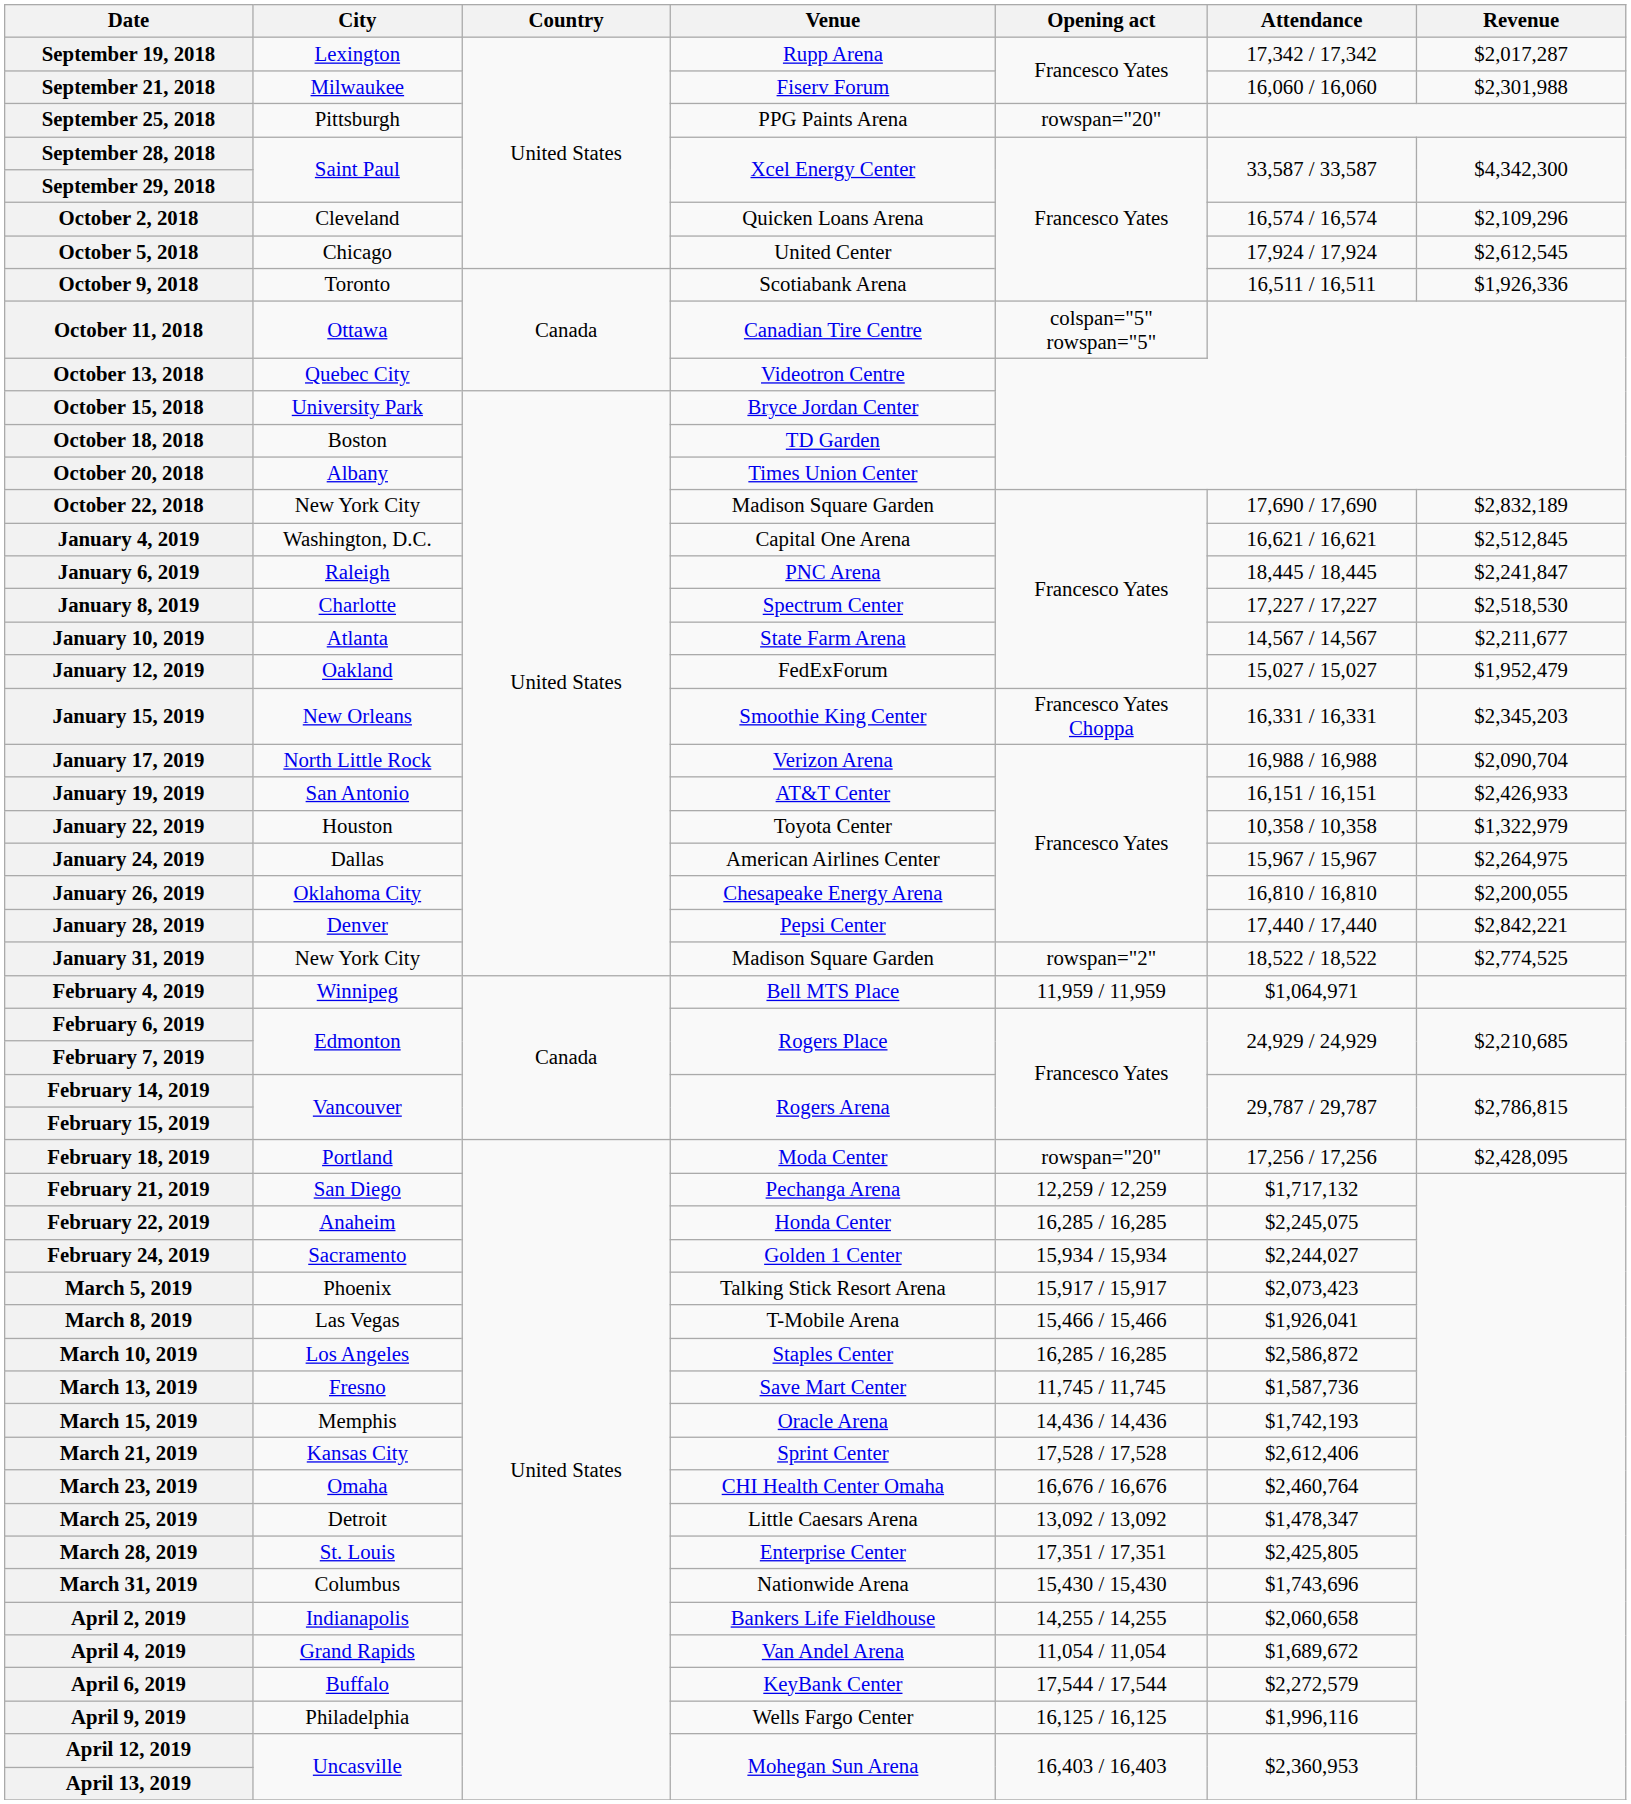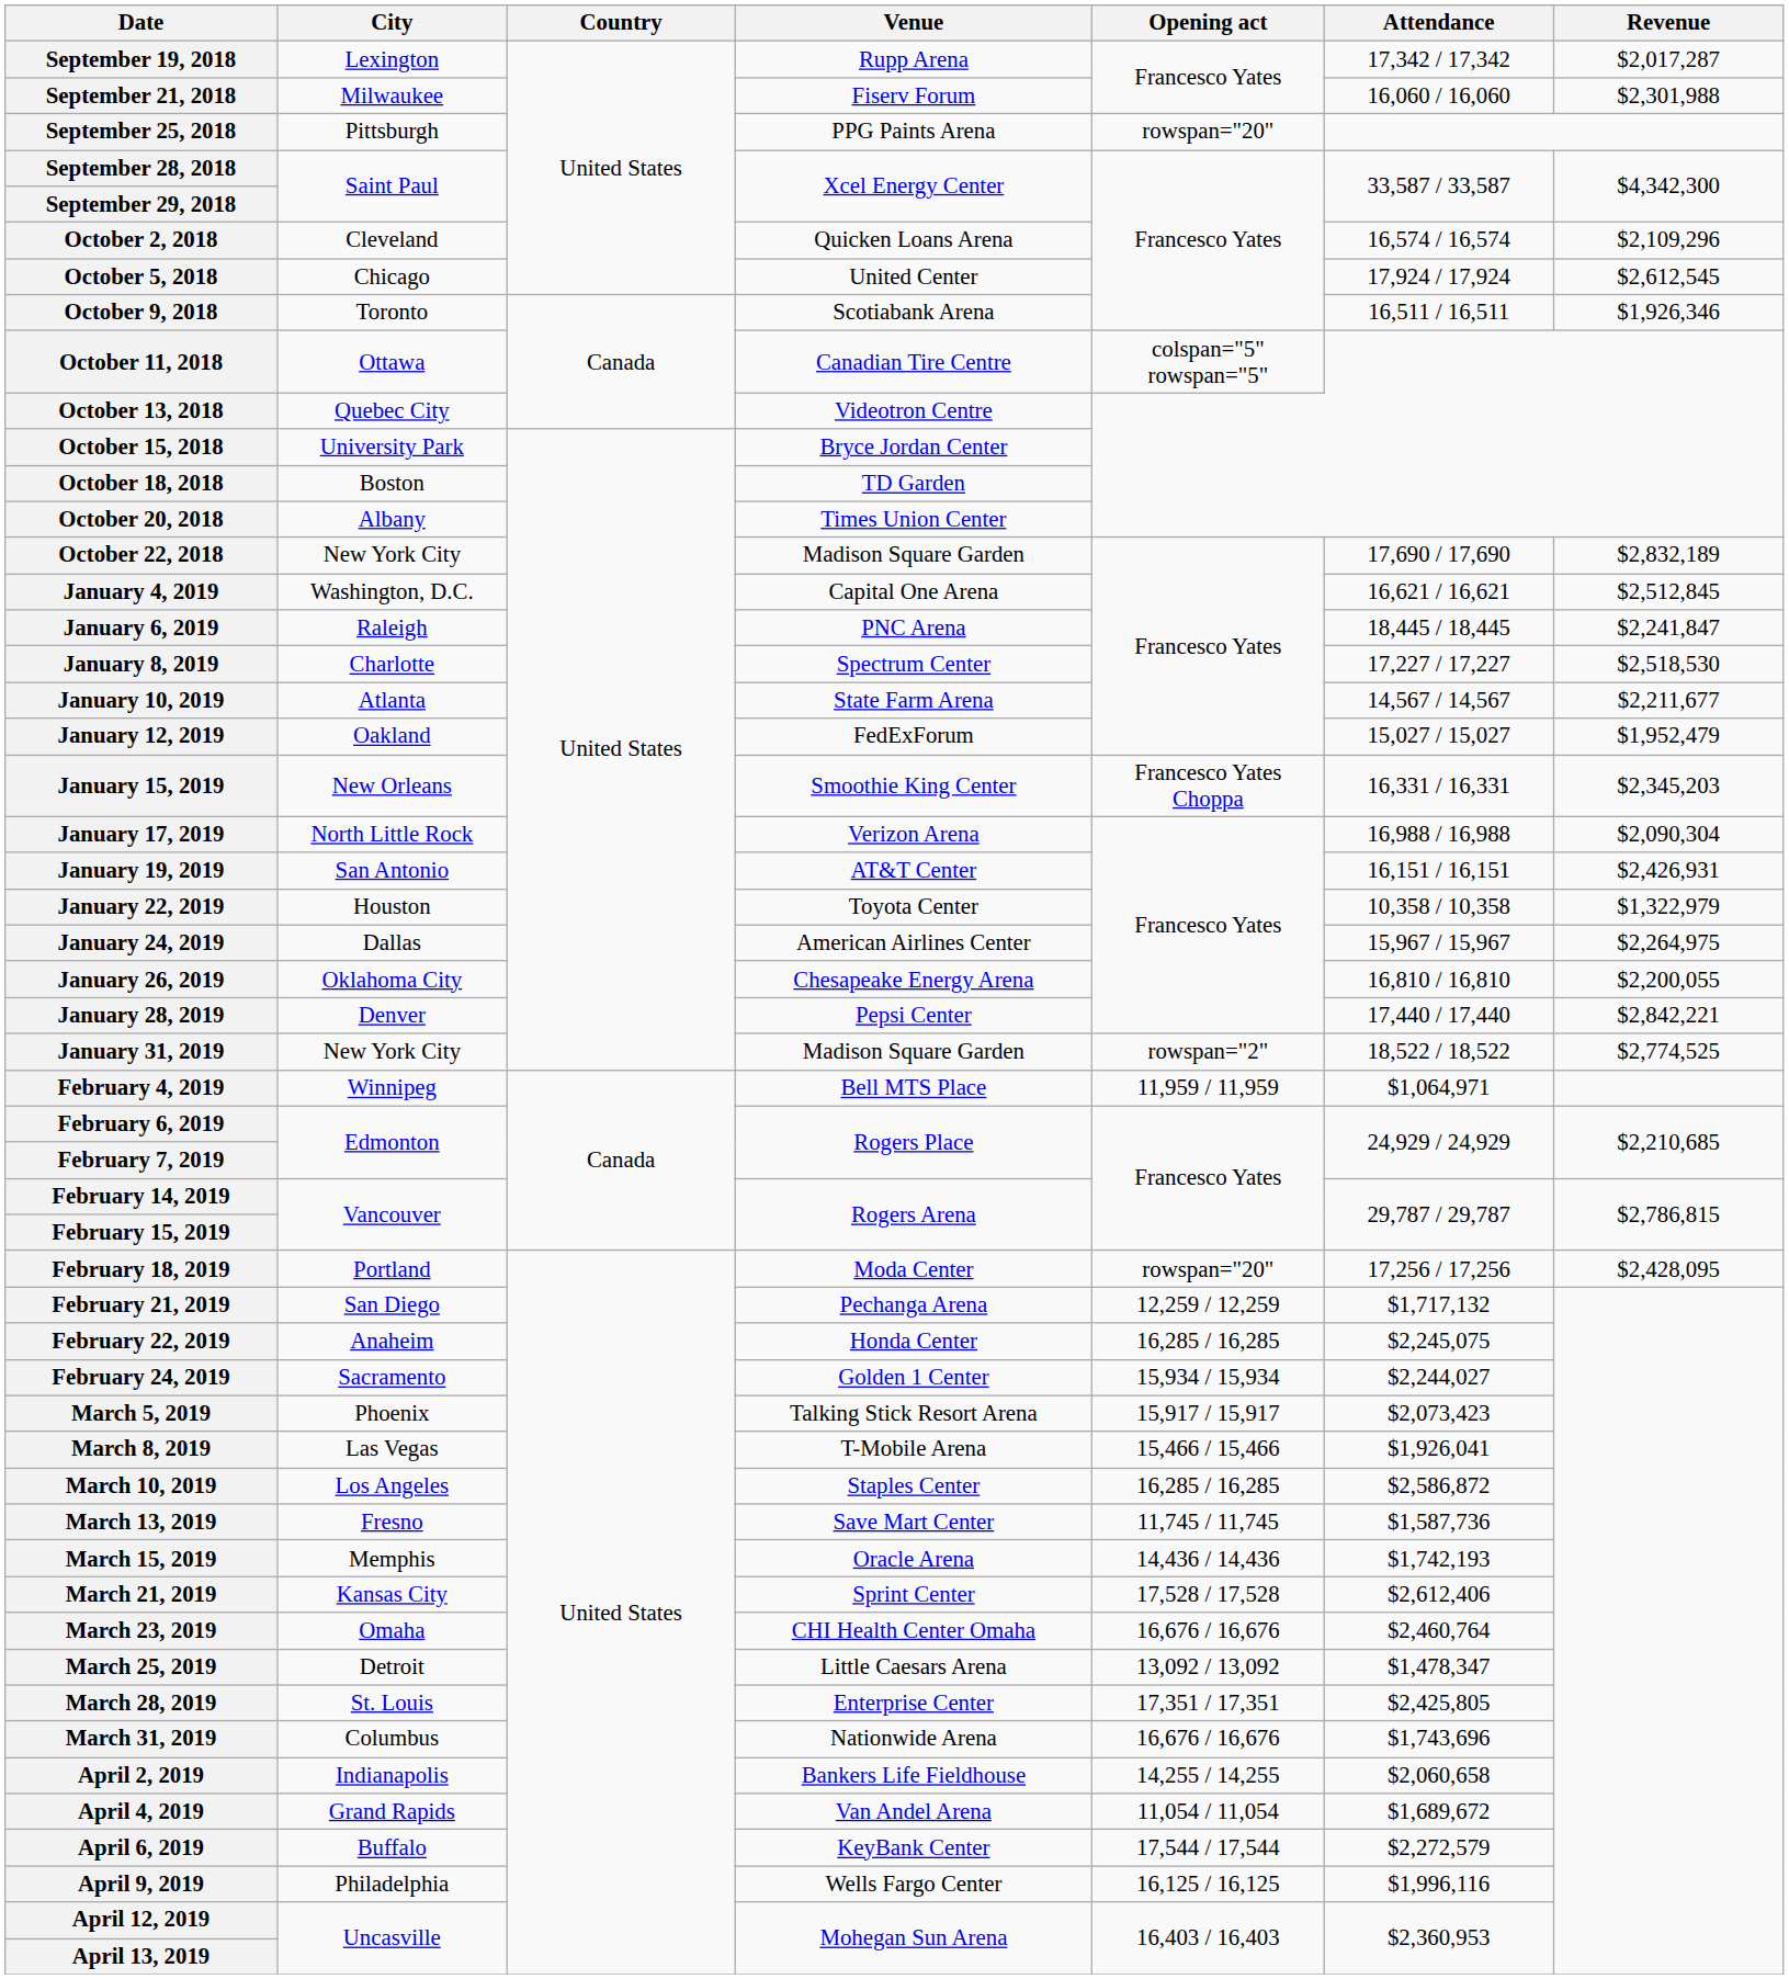 <table class="wikitable plainrowheaders" style="text-align:center;">
 <tr>
 <th scope="col" style="width:12em;">Date</th>
 <th scope="col" style="width:10em;">City</th>
 <th scope="col" style="width:10em;">Country</th>
 <th scope="col" style="width:16em;">Venue</th>
 <th scope="col" style="width:10em;">Opening act</th>
 <th scope="col" style="width:10em;">Attendance</th>
 <th scope="col" style="width:10em;">Revenue</th>
 </tr>
 <tr>
 <th scope="row">September 19, 2018</th>
 <td><a href='#'>Lexington</a></td>
 <td rowspan="7">United States</td>
 <td><a href='#'>Rupp Arena</a></td>
 <td rowspan="2">Francesco Yates</td>
 <td>17,342 / 17,342</td>
 <td>$2,017,287</td>
 </tr>
 <tr>
 <th scope="row">September 21, 2018</th>
 <td><a href='#'>Milwaukee</a></td>
 <td><a href='#'>Fiserv Forum</a></td>
 <td>16,060 / 16,060</td>
 <td>$2,301,988</td>
 </tr>
 <tr>
 <th scope="row">September 25, 2018</th>
 <td>Pittsburgh</td>
 <td>PPG Paints Arena</td>
 <td>rowspan="20" </td>
 </tr>
 <tr>
 <th scope="row">September 28, 2018</th>
 <td rowspan="2"><a href='#'>Saint Paul</a></td>
 <td rowspan="2"><a href='#'>Xcel Energy Center</a></td>
 <td rowspan="5">Francesco Yates</td>
 <td rowspan="2">33,587 / 33,587</td>
 <td rowspan="2">$4,342,300</td>
 </tr>
 <tr>
 <th scope="row">September 29, 2018</th>
 </tr>
 <tr>
 <th scope="row">October 2, 2018</th>
 <td>Cleveland</td>
 <td>Quicken Loans Arena</td>
 <td>16,574 / 16,574</td>
 <td>$2,109,296</td>
 </tr>
 <tr>
 <th scope="row">October 5, 2018</th>
 <td>Chicago</td>
 <td>United Center</td>
 <td>17,924 / 17,924</td>
 <td>$2,612,545</td>
 </tr>
 <tr>
 <th scope="row">October 9, 2018</th>
 <td>Toronto</td>
 <td rowspan="3">Canada</td>
 <td>Scotiabank Arena</td>
 <td>16,511 / 16,511</td>
-<td>$1,926,336</td>
+<td>$1,926,346</td>
 </tr>
 <tr>
 <th scope="row">October 11, 2018</th>
 <td><a href='#'>Ottawa</a></td>
 <td><a href='#'>Canadian Tire Centre</a></td>
 <td>colspan="5" rowspan="5" </td>
 </tr>
 <tr>
 <th scope="row">October 13, 2018</th>
 <td><a href='#'>Quebec City</a></td>
 <td><a href='#'>Videotron Centre</a></td>
 </tr>
 <tr>
 <th scope="row">October 15, 2018</th>
 <td><a href='#'>University Park</a></td>
 <td rowspan="17">United States</td>
 <td><a href='#'>Bryce Jordan Center</a></td>
 </tr>
 <tr>
 <th scope="row">October 18, 2018</th>
 <td>Boston</td>
 <td><a href='#'>TD Garden</a></td>
 </tr>
 <tr>
 <th scope="row">October 20, 2018</th>
 <td><a href='#'>Albany</a></td>
 <td><a href='#'>Times Union Center</a></td>
 </tr>
 <tr>
 <th scope="row">October 22, 2018</th>
 <td>New York City</td>
 <td>Madison Square Garden</td>
 <td rowspan="6">Francesco Yates</td>
 <td>17,690 / 17,690</td>
 <td>$2,832,189</td>
 </tr>
 <tr>
 <th scope="row">January 4, 2019</th>
 <td>Washington, D.C.</td>
 <td>Capital One Arena</td>
 <td>16,621 / 16,621</td>
 <td>$2,512,845</td>
 </tr>
 <tr>
 <th scope="row">January 6, 2019</th>
 <td><a href='#'>Raleigh</a></td>
 <td><a href='#'>PNC Arena</a></td>
 <td>18,445 / 18,445</td>
 <td>$2,241,847</td>
 </tr>
 <tr>
 <th scope="row">January 8, 2019</th>
 <td><a href='#'>Charlotte</a></td>
 <td><a href='#'>Spectrum Center</a></td>
 <td>17,227 / 17,227</td>
 <td>$2,518,530</td>
 </tr>
 <tr>
 <th scope="row">January 10, 2019</th>
 <td><a href='#'>Atlanta</a></td>
 <td><a href='#'>State Farm Arena</a></td>
 <td>14,567 / 14,567</td>
 <td>$2,211,677</td>
 </tr>
 <tr>
 <th scope="row">January 12, 2019</th>
 <td><a href='#'>Oakland</a></td>
 <td>FedExForum</td>
 <td>15,027 / 15,027</td>
 <td>$1,952,479</td>
 </tr>
 <tr>
 <th scope="row">January 15, 2019</th>
 <td><a href='#'>New Orleans</a></td>
 <td><a href='#'>Smoothie King Center</a></td>
 <td>Francesco Yates<br><a href='#'>Choppa</a></td>
 <td>16,331 / 16,331</td>
 <td>$2,345,203</td>
 </tr>
 <tr>
 <th scope="row">January 17, 2019</th>
 <td><a href='#'>North Little Rock</a></td>
 <td><a href='#'>Verizon Arena</a></td>
 <td rowspan="6">Francesco Yates</td>
 <td>16,988 / 16,988</td>
-<td>$2,090,704</td>
+<td>$2,090,304</td>
 </tr>
 <tr>
 <th scope="row">January 19, 2019</th>
 <td><a href='#'>San Antonio</a></td>
 <td><a href='#'>AT&T Center</a></td>
 <td>16,151 / 16,151</td>
-<td>$2,426,933</td>
+<td>$2,426,931</td>
 </tr>
 <tr>
 <th scope="row">January 22, 2019</th>
 <td>Houston</td>
 <td>Toyota Center</td>
 <td>10,358 / 10,358</td>
 <td>$1,322,979</td>
 </tr>
 <tr>
 <th scope="row">January 24, 2019</th>
 <td>Dallas</td>
 <td>American Airlines Center</td>
 <td>15,967 / 15,967</td>
 <td>$2,264,975</td>
 </tr>
 <tr>
 <th scope="row">January 26, 2019</th>
 <td><a href='#'>Oklahoma City</a></td>
 <td><a href='#'>Chesapeake Energy Arena</a></td>
 <td>16,810 / 16,810</td>
 <td>$2,200,055</td>
 </tr>
 <tr>
 <th scope="row">January 28, 2019</th>
 <td><a href='#'>Denver</a></td>
 <td><a href='#'>Pepsi Center</a></td>
 <td>17,440 / 17,440</td>
 <td>$2,842,221</td>
 </tr>
 <tr>
 <th scope="row">January 31, 2019</th>
 <td>New York City</td>
 <td>Madison Square Garden</td>
 <td>rowspan="2" </td>
 <td>18,522 / 18,522</td>
 <td>$2,774,525</td>
 </tr>
 <tr>
 <th scope="row">February 4, 2019</th>
 <td><a href='#'>Winnipeg</a></td>
 <td rowspan="5">Canada</td>
 <td><a href='#'>Bell MTS Place</a></td>
 <td>11,959 / 11,959</td>
 <td>$1,064,971</td>
 </tr>
 <tr>
 <th scope="row">February 6, 2019</th>
 <td rowspan="2"><a href='#'>Edmonton</a></td>
 <td rowspan="2"><a href='#'>Rogers Place</a></td>
 <td rowspan="4">Francesco Yates</td>
 <td rowspan="2">24,929 / 24,929</td>
 <td rowspan="2">$2,210,685</td>
 </tr>
 <tr>
 <th scope="row">February 7, 2019</th>
 </tr>
 <tr>
 <th scope="row">February 14, 2019</th>
 <td rowspan="2"><a href='#'>Vancouver</a></td>
 <td rowspan="2"><a href='#'>Rogers Arena</a></td>
 <td rowspan="2">29,787 / 29,787</td>
 <td rowspan="2">$2,786,815</td>
 </tr>
 <tr>
 <th scope="row">February 15, 2019</th>
 </tr>
 <tr>
 <th scope="row">February 18, 2019</th>
 <td><a href='#'>Portland</a></td>
 <td rowspan="20">United States</td>
 <td><a href='#'>Moda Center</a></td>
 <td>rowspan="20" </td>
 <td>17,256 / 17,256</td>
 <td>$2,428,095</td>
 </tr>
 <tr>
 <th scope="row">February 21, 2019</th>
 <td><a href='#'>San Diego</a></td>
 <td><a href='#'>Pechanga Arena</a></td>
 <td>12,259 / 12,259</td>
 <td>$1,717,132</td>
 </tr>
 <tr>
 <th scope="row">February 22, 2019</th>
 <td><a href='#'>Anaheim</a></td>
 <td><a href='#'>Honda Center</a></td>
 <td>16,285 / 16,285</td>
 <td>$2,245,075</td>
 </tr>
 <tr>
 <th scope="row">February 24, 2019</th>
 <td><a href='#'>Sacramento</a></td>
 <td><a href='#'>Golden 1 Center</a></td>
 <td>15,934 / 15,934</td>
 <td>$2,244,027</td>
 </tr>
 <tr>
 <th scope="row">March 5, 2019</th>
 <td>Phoenix</td>
 <td>Talking Stick Resort Arena</td>
 <td>15,917 / 15,917</td>
 <td>$2,073,423</td>
 </tr>
 <tr>
 <th scope="row">March 8, 2019</th>
 <td>Las Vegas</td>
 <td>T-Mobile Arena</td>
 <td>15,466 / 15,466</td>
 <td>$1,926,041</td>
 </tr>
 <tr>
 <th scope="row">March 10, 2019</th>
 <td><a href='#'>Los Angeles</a></td>
 <td><a href='#'>Staples Center</a></td>
 <td>16,285 / 16,285</td>
 <td>$2,586,872</td>
 </tr>
 <tr>
 <th scope="row">March 13, 2019</th>
 <td><a href='#'>Fresno</a></td>
 <td><a href='#'>Save Mart Center</a></td>
 <td>11,745 / 11,745</td>
 <td>$1,587,736</td>
 </tr>
 <tr>
 <th scope="row">March 15, 2019</th>
 <td>Memphis</td>
 <td><a href='#'>Oracle Arena</a></td>
 <td>14,436 / 14,436</td>
 <td>$1,742,193</td>
 </tr>
 <tr>
 <th scope="row">March 21, 2019</th>
 <td><a href='#'>Kansas City</a></td>
 <td><a href='#'>Sprint Center</a></td>
 <td>17,528 / 17,528</td>
 <td>$2,612,406</td>
 </tr>
 <tr>
 <th scope="row">March 23, 2019</th>
 <td><a href='#'>Omaha</a></td>
 <td><a href='#'>CHI Health Center Omaha</a></td>
 <td>16,676 / 16,676</td>
 <td>$2,460,764</td>
 </tr>
 <tr>
 <th scope="row">March 25, 2019</th>
 <td>Detroit</td>
 <td>Little Caesars Arena</td>
 <td>13,092 / 13,092</td>
 <td>$1,478,347</td>
 </tr>
 <tr>
 <th scope="row">March 28, 2019</th>
 <td><a href='#'>St. Louis</a></td>
 <td><a href='#'>Enterprise Center</a></td>
 <td>17,351 / 17,351</td>
 <td>$2,425,805</td>
 </tr>
 <tr>
 <th scope="row">March 31, 2019</th>
 <td>Columbus</td>
 <td>Nationwide Arena</td>
-<td>15,430 / 15,430</td>
+<td>16,676 / 16,676</td>
 <td>$1,743,696</td>
 </tr>
 <tr>
 <th scope="row">April 2, 2019</th>
 <td><a href='#'>Indianapolis</a></td>
 <td><a href='#'>Bankers Life Fieldhouse</a></td>
 <td>14,255 / 14,255</td>
 <td>$2,060,658</td>
 </tr>
 <tr>
 <th scope="row">April 4, 2019</th>
 <td><a href='#'>Grand Rapids</a></td>
 <td><a href='#'>Van Andel Arena</a></td>
 <td>11,054 / 11,054</td>
 <td>$1,689,672</td>
 </tr>
 <tr>
 <th scope="row">April 6, 2019</th>
 <td><a href='#'>Buffalo</a></td>
 <td><a href='#'>KeyBank Center</a></td>
 <td>17,544 / 17,544</td>
 <td>$2,272,579</td>
 </tr>
 <tr>
 <th scope="row">April 9, 2019</th>
 <td>Philadelphia</td>
 <td>Wells Fargo Center</td>
 <td>16,125 / 16,125</td>
 <td>$1,996,116</td>
 </tr>
 <tr>
 <th scope="row">April 12, 2019</th>
 <td rowspan="2"><a href='#'>Uncasville</a></td>
 <td rowspan="2"><a href='#'>Mohegan Sun Arena</a></td>
 <td rowspan="2">16,403 / 16,403</td>
 <td rowspan="2">$2,360,953</td>
 </tr>
 <tr>
 <th scope="row">April 13, 2019</th>
 </tr>
 </table>
